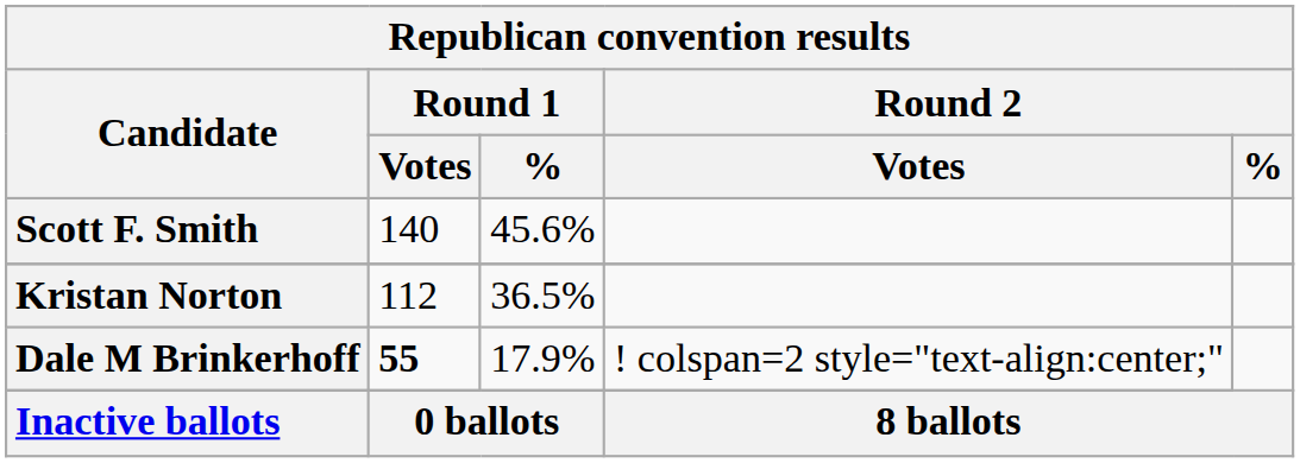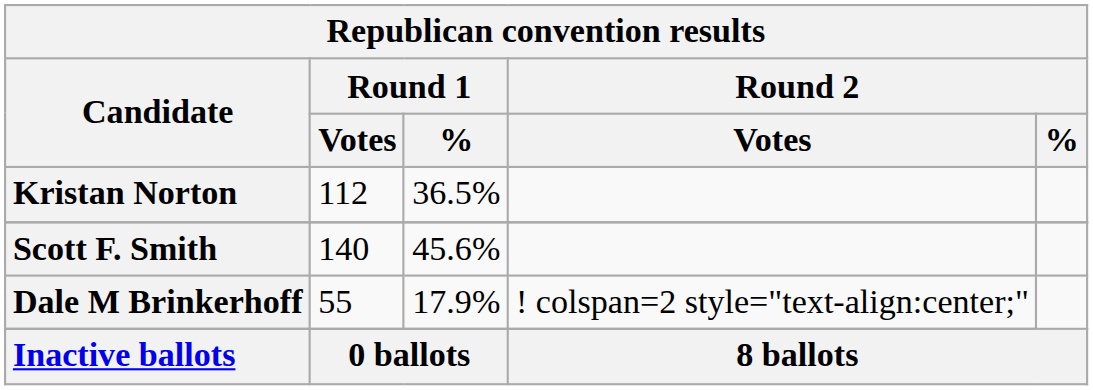 <table class="wikitable sortable">
 <tr>
 <th colspan="5">Republican convention results</th>
 </tr>
 <tr style="background:#eee; text-align:center;">
 <th rowspan="2" style="text-align:center;">Candidate</th>
 <th colspan="2" style="text-align:center;">Round 1</th>
 <th colspan="2" style="text-align:center;">Round 2</th>
 </tr>
 <tr>
 <th>Votes</th>
 <th>%</th>
 <th>Votes</th>
 <th>%</th>
 </tr>
 <tr>
+<th scope="row" style="text-align:left;">Kristan Norton</th>
+<td>112</td>
+<td>36.5%</td>
+<td></td>
+<td></td>
+</tr>
+<tr>
+</tr>
+<tr>
 <th scope="row" style="text-align:left;">Scott F. Smith</th>
 <td>140</td>
 <td>45.6%</td>
 <td></td>
 <td></td>
 </tr>
 <tr>
-</tr>
-<tr>
-<th scope="row" style="text-align:left;">Kristan Norton</th>
-<td>112</td>
-<td>36.5%</td>
-<td></td>
-<td></td>
-</tr>
-<tr>
 <th scope="row" style="text-align:left;">Dale M Brinkerhoff</th>
-<td><strong>55</strong></td>
+<td>55</td>
 <td>17.9%</td>
 <td>! colspan=2 style="text-align:center;" </td>
 </tr>
 <tr>
 </tr>
 <tr>
 </tr>
 <tr>
 </tr>
 <tr>
 <th scope="row" style="text-align:left;"><a href='#'>Inactive ballots</a></th>
 <th colspan="2">0 ballots</th>
 <th colspan="2">8 ballots</th>
 </tr>
 </table>
